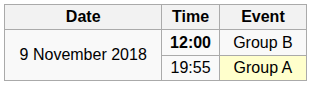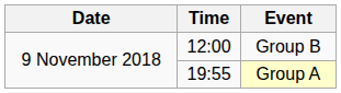 <table class = "wikitable" style="text-align:center;">
 <tr>
 <th width=150>Date</th>
 <th width=50>Time</th>
 <th width=80>Event</th>
 </tr>
 <tr>
 <td rowspan=2>9 November 2018</td>
-<td><strong>12:00</strong></td>
+<td>12:00</td>
 <td>Group B</td>
 </tr>
 <tr>
 <td>19:55</td>
 <td bgcolor=ffffcc>Group A</td>
 </tr>
 </table>
